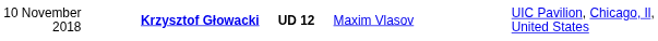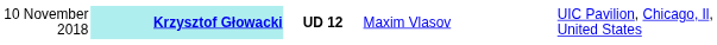 <table cellspacing="1" style="width:100%;">
 <tr>
 <th width="15%"></th>
 <th width="25%"></th>
 <th width="10%"></th>
 <th width="25%"></th>
 </tr>
 <tr style="font-size:100%">
 <td align="right">10 November 2018</td>
-<td align="right"><strong><a href='#'>Krzysztof Głowacki</a></strong> </td>
+<td align="right" style="background: paleturquoise;"><strong><a href='#'>Krzysztof Głowacki</a></strong> </td>
 <td align="center"><strong>UD 12</strong></td>
 <td> <a href='#'>Maxim Vlasov</a></td>
 <td><a href='#'>UIC Pavilion</a>, <a href='#'>Chicago, Il</a>, <a href='#'>United States</a></td>
 </tr>
 </table>
